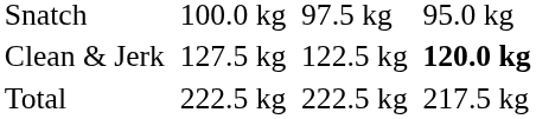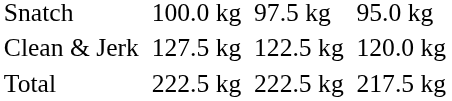 <table>
 <tr>
 <td>Snatch</td>
 <td></td>
 <td>100.0 kg</td>
 <td></td>
 <td>97.5 kg</td>
 <td></td>
 <td>95.0 kg</td>
 </tr>
 <tr>
 <td>Clean & Jerk</td>
 <td></td>
 <td>127.5 kg</td>
 <td></td>
 <td>122.5 kg</td>
 <td></td>
-<td><strong>120.0 kg</strong></td>
+<td>120.0 kg</td>
 </tr>
 <tr>
 <td>Total</td>
 <td></td>
 <td>222.5 kg</td>
 <td></td>
 <td>222.5 kg</td>
 <td></td>
 <td>217.5 kg</td>
 </tr>
 </table>
